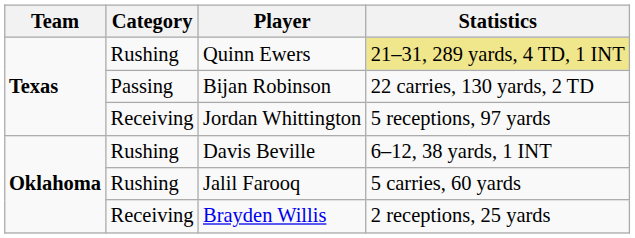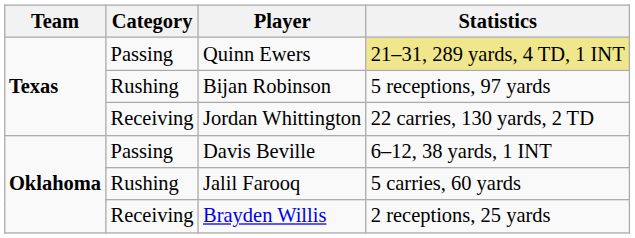 <table class="wikitable" style="float: right;">
 <tr>
 <th>Team</th>
 <th>Category</th>
 <th>Player</th>
 <th>Statistics</th>
 </tr>
 <tr>
 <td rowspan=3><strong>Texas</strong></td>
-<td>Rushing</td>
+<td>Passing</td>
 <td>Quinn Ewers</td>
 <td style="background: khaki;">21–31, 289 yards, 4 TD, 1 INT</td>
 </tr>
 <tr>
-<td>Passing</td>
+<td>Rushing</td>
 <td>Bijan Robinson</td>
-<td>22 carries, 130 yards, 2 TD</td>
+<td>5 receptions, 97 yards</td>
 </tr>
 <tr>
 <td>Receiving</td>
 <td>Jordan Whittington</td>
-<td>5 receptions, 97 yards</td>
+<td>22 carries, 130 yards, 2 TD</td>
 </tr>
 <tr>
 <td rowspan=3><strong>Oklahoma</strong></td>
-<td>Rushing</td>
+<td>Passing</td>
 <td>Davis Beville</td>
 <td>6–12, 38 yards, 1 INT</td>
 </tr>
 <tr>
 <td>Rushing</td>
 <td>Jalil Farooq</td>
 <td>5 carries, 60 yards</td>
 </tr>
 <tr>
 <td>Receiving</td>
 <td><a href='#'>Brayden Willis</a></td>
 <td>2 receptions, 25 yards</td>
 </tr>
 </table>
